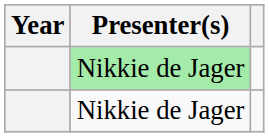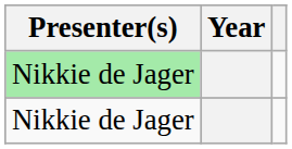 <table class="wikitable plainrowheaders">
 <tr>
+<th>Presenter(s)</th>
 <th>Year</th>
-<th>Presenter(s)</th>
 <th></th>
 </tr>
 <tr>
+<td bgcolor=#A4EAA9>Nikkie de Jager</td>
 <th scope="row"></th>
-<td bgcolor=#A4EAA9>Nikkie de Jager</td>
 <td></td>
 </tr>
 <tr>
+<td>Nikkie de Jager</td>
 <th scope="row"></th>
-<td>Nikkie de Jager</td>
 <td></td>
 </tr>
 </table>
